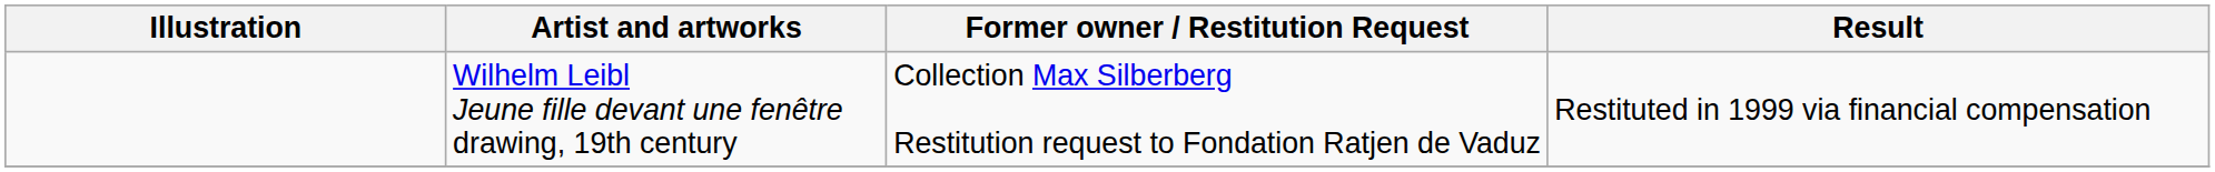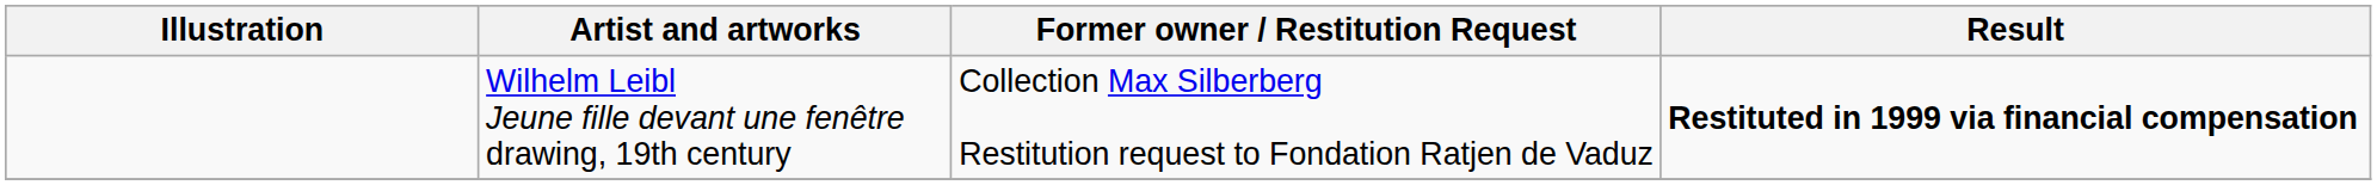 <table class="wikitable alternance centre">
 <tr>
 <th class="unsortable" width="20">Illustration</th>
 <th width="20%">Artist and artworks</th>
 <th width="30%">Former owner / Restitution Request</th>
 <th width="30%">Result</th>
 </tr>
 <tr>
 <td></td>
 <td><a href='#'>Wilhelm Leibl</a><br><em>Jeune fille devant une fenêtre</em><br>drawing, 19th century</td>
 <td>Collection <a href='#'>Max Silberberg</a><br><br>Restitution request to Fondation Ratjen de Vaduz</td>
-<td>Restituted in 1999 via financial compensation</td>
+<td><strong>Restituted in 1999 via financial compensation</strong></td>
 </tr>
 <tr>
 </tr>
 </table>
